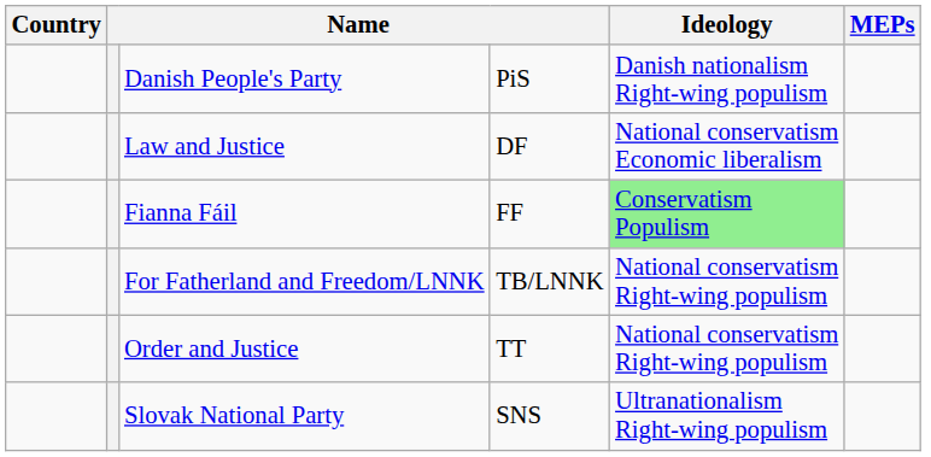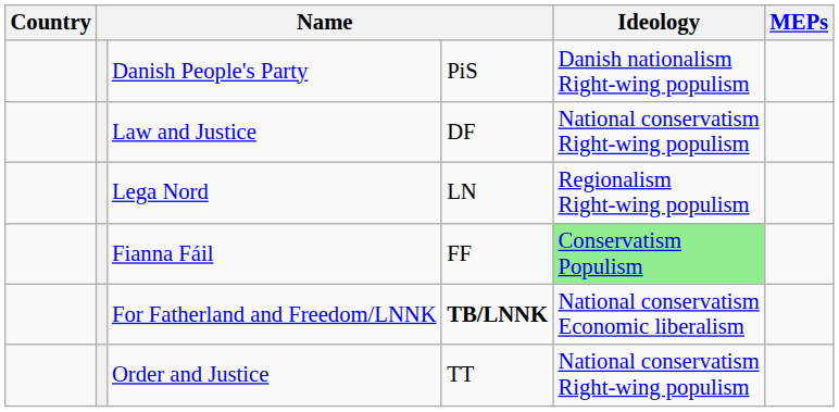 <table class="wikitable">
 <tr>
 <th>Country</th>
 <th colspan="3">Name</th>
 <th>Ideology</th>
 <th><a href='#'>MEPs</a></th>
 </tr>
 <tr>
 <td></td>
 <th style="background:"></th>
 <td><a href='#'>Danish People's Party</a></td>
 <td>PiS</td>
 <td><a href='#'>Danish nationalism</a><br><a href='#'>Right-wing populism</a></td>
 <td></td>
 </tr>
 <tr>
 <td></td>
 <th style="background:"></th>
 <td><a href='#'>Law and Justice</a></td>
 <td>DF</td>
-<td><a href='#'>National conservatism</a><br><a href='#'>Economic liberalism</a></td>
+<td><a href='#'>National conservatism</a><br><a href='#'>Right-wing populism</a></td>
+<td></td>
+</tr>
+<tr>
+<td></td>
+<th style="background:"></th>
+<td><a href='#'>Lega Nord</a></td>
+<td>LN</td>
+<td><a href='#'>Regionalism</a><br><a href='#'>Right-wing populism</a></td>
 <td></td>
 </tr>
 <tr>
 <td></td>
 <th style="background:"></th>
 <td><a href='#'>Fianna Fáil</a></td>
 <td>FF</td>
 <td style="background: lightgreen;"><a href='#'>Conservatism</a><br><a href='#'>Populism</a></td>
 <td></td>
 </tr>
 <tr>
 <td></td>
 <th style="background:"></th>
 <td><a href='#'>For Fatherland and Freedom/LNNK</a></td>
-<td>TB/LNNK</td>
-<td><a href='#'>National conservatism</a><br><a href='#'>Right-wing populism</a></td>
+<td><strong>TB/LNNK</strong></td>
+<td><a href='#'>National conservatism</a><br><a href='#'>Economic liberalism</a></td>
 <td></td>
 </tr>
 <tr>
 <td></td>
 <th style="background:"></th>
 <td><a href='#'>Order and Justice</a></td>
 <td>TT</td>
 <td><a href='#'>National conservatism</a><br><a href='#'>Right-wing populism</a></td>
 <td></td>
 </tr>
-<tr>
-<td></td>
-<th style="background:"></th>
-<td><a href='#'>Slovak National Party</a></td>
-<td>SNS</td>
-<td><a href='#'>Ultranationalism</a><br><a href='#'>Right-wing populism</a></td>
-<td></td>
-</tr>
 </table>
